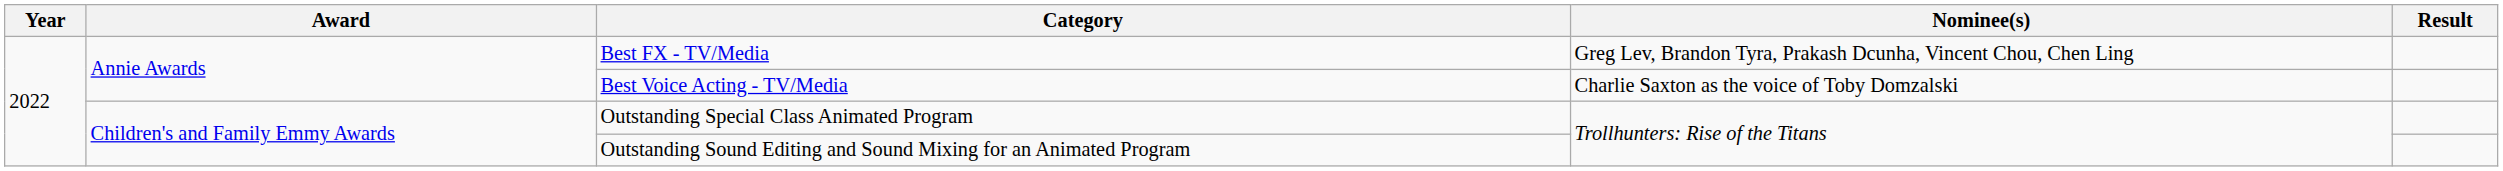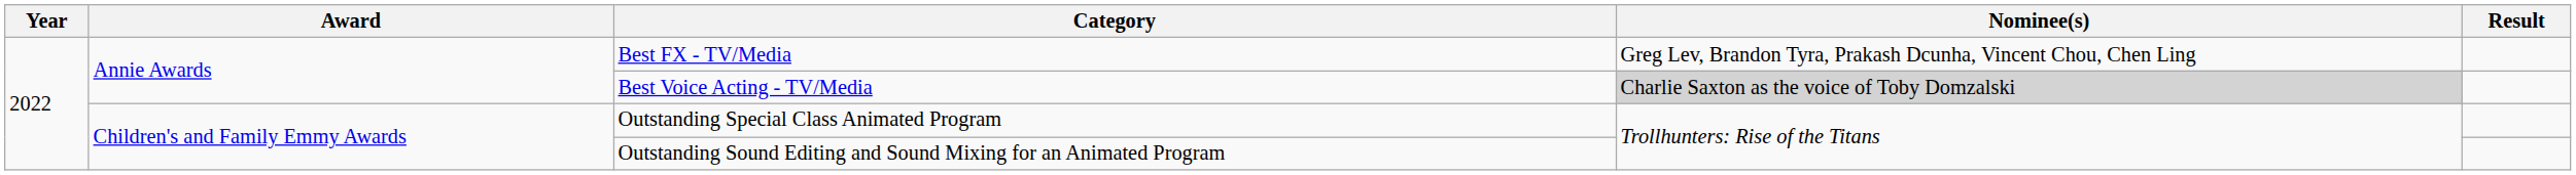 <table class="wikitable sortable plainrowheaders" style="width:99%;">
 <tr>
 <th scope="col">Year</th>
 <th scope="col">Award</th>
 <th scope="col">Category</th>
 <th scope="col" style="width:33%;">Nominee(s)</th>
 <th scope="col">Result</th>
 </tr>
 <tr>
 <td rowspan="4">2022</td>
 <td rowspan="2"><a href='#'>Annie Awards</a></td>
 <td><a href='#'>Best FX - TV/Media</a></td>
 <td>Greg Lev, Brandon Tyra, Prakash Dcunha, Vincent Chou, Chen Ling</td>
 <td></td>
 </tr>
 <tr>
 <td><a href='#'>Best Voice Acting - TV/Media</a></td>
-<td>Charlie Saxton as the voice of Toby Domzalski</td>
+<td style="background: lightgrey;">Charlie Saxton as the voice of Toby Domzalski</td>
 <td></td>
 </tr>
 <tr>
 <td rowspan="2"><a href='#'>Children's and Family Emmy Awards</a></td>
 <td>Outstanding Special Class Animated Program</td>
 <td rowspan="2"><em>Trollhunters: Rise of the Titans</em></td>
 <td></td>
 </tr>
 <tr>
 <td>Outstanding Sound Editing and Sound Mixing for an Animated Program</td>
 <td></td>
 </tr>
 </table>
